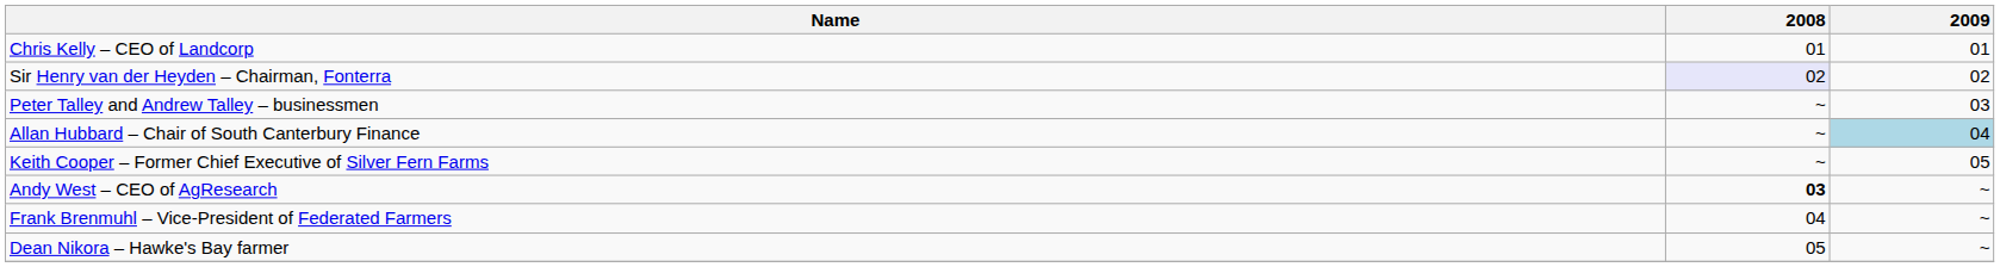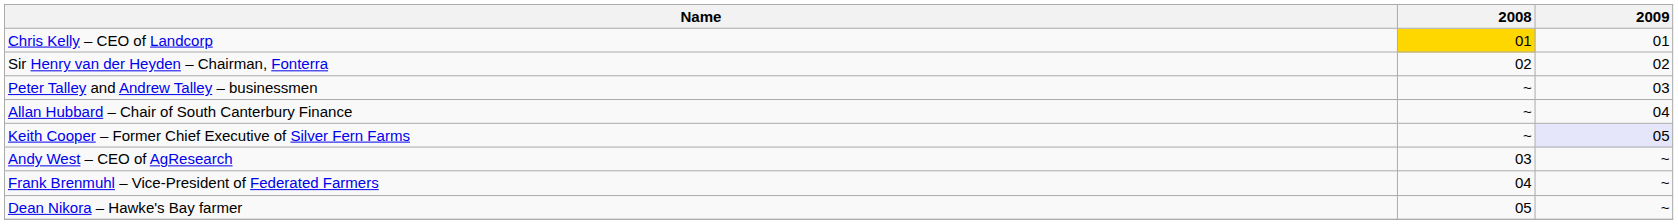 <table class="wikitable sortable" width="85%" style="font-size:95%;">
 <tr>
 <th>Name</th>
 <th style="text-align: right;">2008</th>
 <th style="text-align: right;">2009</th>
 </tr>
 <tr>
 <td><a href='#'>Chris Kelly</a> – CEO of <a href='#'>Landcorp</a></td>
-<td style="text-align: right;">01</td>
+<td style="background: gold; text-align: right;">01</td>
 <td style="text-align: right;">01</td>
 </tr>
 <tr>
 <td>Sir <a href='#'>Henry van der Heyden</a> – Chairman, <a href='#'>Fonterra</a></td>
-<td style="background: lavender; text-align: right;">02</td>
+<td style="text-align: right;">02</td>
 <td style="text-align: right;">02</td>
 </tr>
 <tr>
 <td><a href='#'>Peter Talley</a> and <a href='#'>Andrew Talley</a> – businessmen</td>
 <td style="text-align: right;">~</td>
 <td style="text-align: right;">03</td>
 </tr>
 <tr>
 <td><a href='#'>Allan Hubbard</a> – Chair of South Canterbury Finance</td>
 <td style="text-align: right;">~</td>
-<td style="background: lightblue; text-align: right;">04</td>
+<td style="text-align: right;">04</td>
 </tr>
 <tr>
 <td><a href='#'>Keith Cooper</a> – Former Chief Executive of <a href='#'>Silver Fern Farms</a></td>
 <td style="text-align: right;">~</td>
-<td style="text-align: right;">05</td>
+<td style="background: lavender; text-align: right;">05</td>
 </tr>
 <tr>
 <td><a href='#'>Andy West</a> – CEO of <a href='#'>AgResearch</a></td>
-<td style="text-align: right;"><strong>03</strong></td>
+<td style="text-align: right;">03</td>
 <td style="text-align: right;">~</td>
 </tr>
 <tr>
 <td><a href='#'>Frank Brenmuhl</a> – Vice-President of <a href='#'>Federated Farmers</a></td>
 <td style="text-align: right;">04</td>
 <td style="text-align: right;">~</td>
 </tr>
 <tr>
 <td><a href='#'>Dean Nikora</a> – Hawke's Bay farmer</td>
 <td style="text-align: right;">05</td>
 <td style="text-align: right;">~</td>
 </tr>
 <tr>
 </tr>
 </table>
